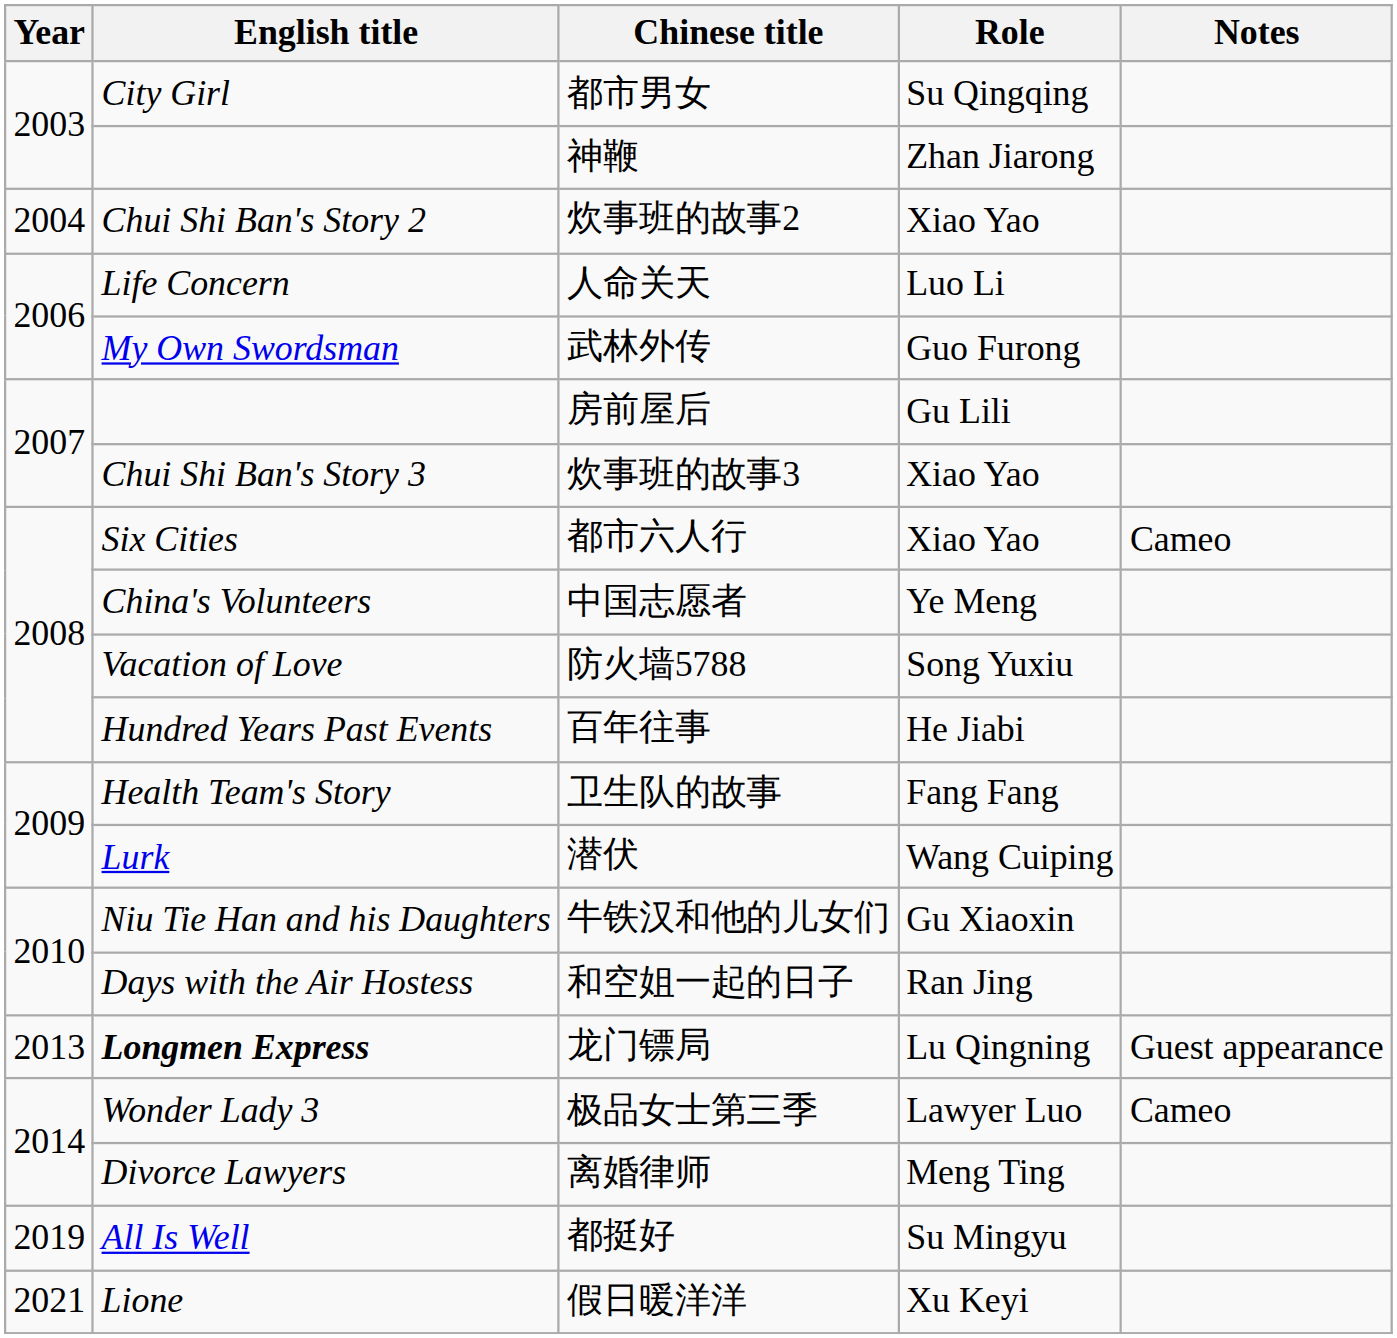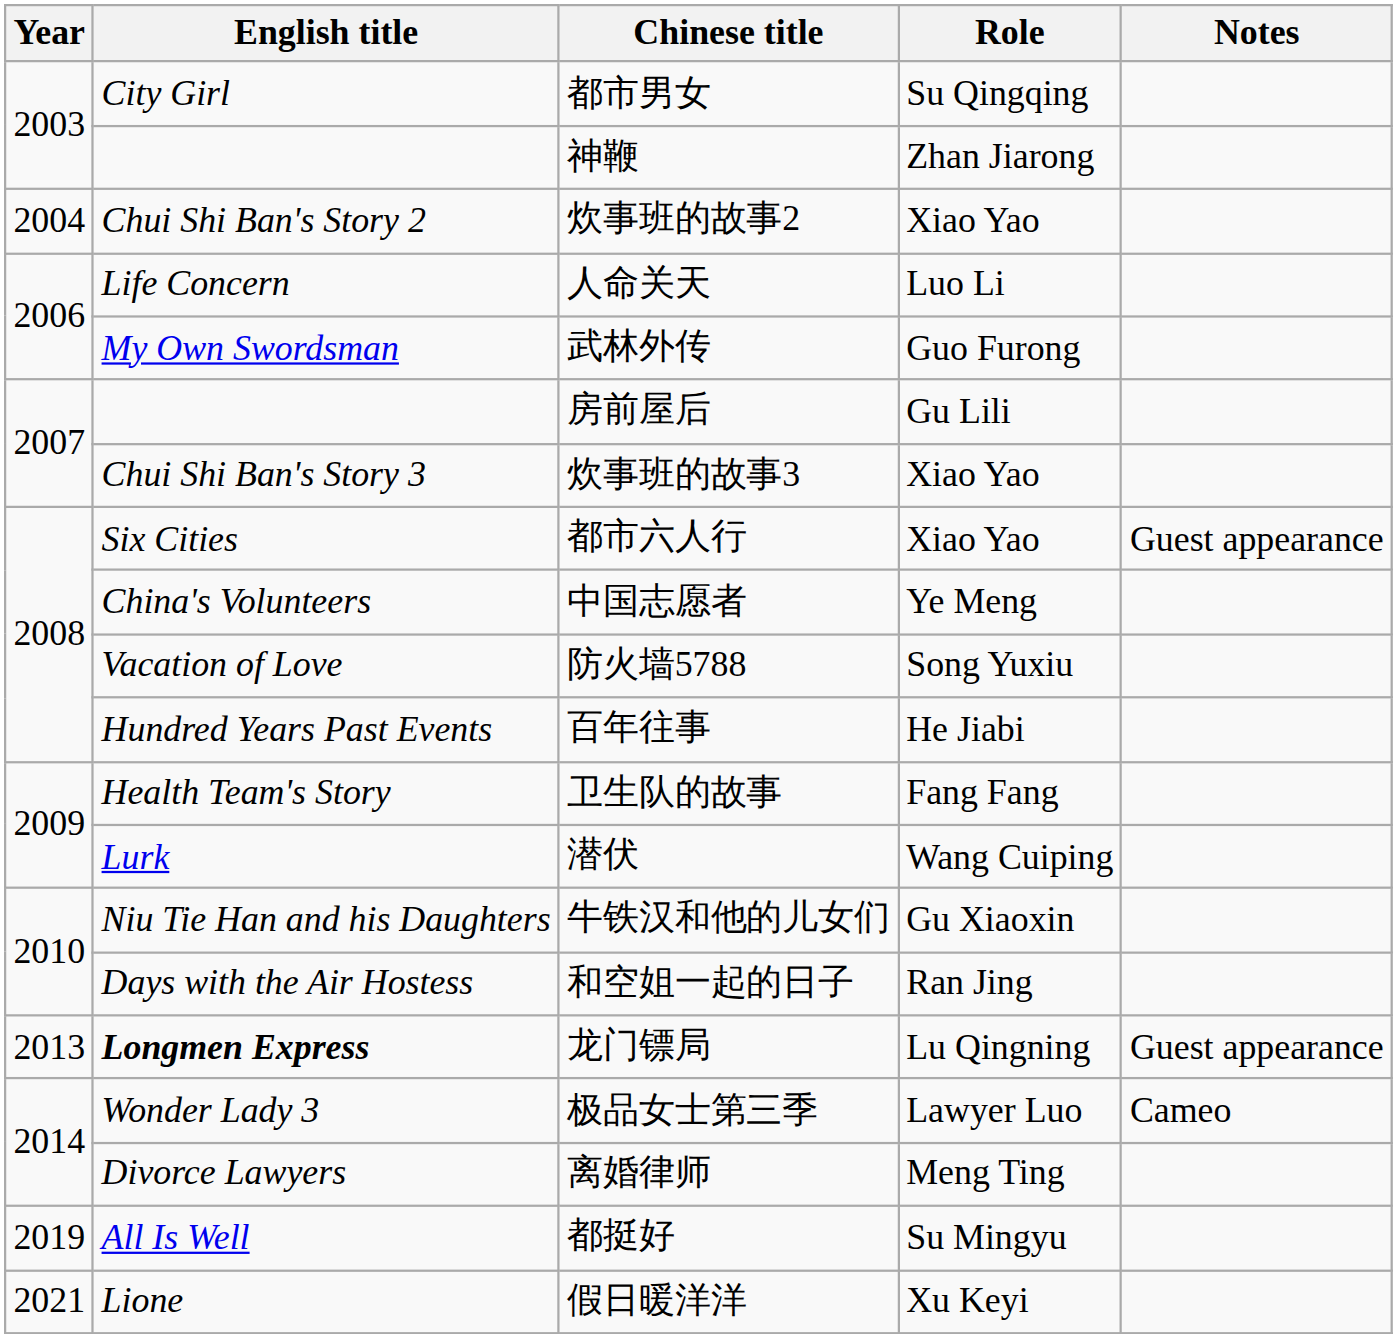 <table class="wikitable sortable">
 <tr>
 <th>Year</th>
 <th>English title</th>
 <th>Chinese title</th>
 <th>Role</th>
 <th>Notes</th>
 </tr>
 <tr>
 <td rowspan=2>2003</td>
 <td><em>City Girl</em></td>
 <td>都市男女</td>
 <td>Su Qingqing</td>
 <td></td>
 </tr>
 <tr>
 <td></td>
 <td>神鞭</td>
 <td>Zhan Jiarong</td>
 <td></td>
 </tr>
 <tr>
 <td>2004</td>
 <td><em>Chui Shi Ban's Story 2</em></td>
 <td>炊事班的故事2</td>
 <td>Xiao Yao</td>
 <td></td>
 </tr>
 <tr>
 <td rowspan=2>2006</td>
 <td><em>Life Concern</em></td>
 <td>人命关天</td>
 <td>Luo Li</td>
 <td></td>
 </tr>
 <tr>
 <td><em><a href='#'>My Own Swordsman</a></em></td>
 <td>武林外传</td>
 <td>Guo Furong</td>
 <td></td>
 </tr>
 <tr>
 <td rowspan=2>2007</td>
 <td></td>
 <td>房前屋后</td>
 <td>Gu Lili</td>
 <td></td>
 </tr>
 <tr>
 <td><em>Chui Shi Ban's Story 3</em></td>
 <td>炊事班的故事3</td>
 <td>Xiao Yao</td>
 <td></td>
 </tr>
 <tr>
 <td rowspan=4>2008</td>
 <td><em>Six Cities</em></td>
 <td>都市六人行</td>
 <td>Xiao Yao</td>
-<td>Cameo</td>
+<td>Guest appearance</td>
 </tr>
 <tr>
 <td><em>China's Volunteers</em></td>
 <td>中国志愿者</td>
 <td>Ye Meng</td>
 <td></td>
 </tr>
 <tr>
 <td><em>Vacation of Love</em></td>
 <td>防火墙5788</td>
 <td>Song Yuxiu</td>
 <td></td>
 </tr>
 <tr>
 <td><em>Hundred Years Past Events</em></td>
 <td>百年往事</td>
 <td>He Jiabi</td>
 <td></td>
 </tr>
 <tr>
 <td rowspan=2>2009</td>
 <td><em>Health Team's Story</em></td>
 <td>卫生队的故事</td>
 <td>Fang Fang</td>
 <td></td>
 </tr>
 <tr>
 <td><em><a href='#'>Lurk</a></em></td>
 <td>潜伏</td>
 <td>Wang Cuiping</td>
 <td></td>
 </tr>
 <tr>
 <td rowspan=2>2010</td>
 <td><em>Niu Tie Han and his Daughters</em></td>
 <td>牛铁汉和他的儿女们</td>
 <td>Gu Xiaoxin</td>
 <td></td>
 </tr>
 <tr>
 <td><em>Days with the Air Hostess</em></td>
 <td>和空姐一起的日子</td>
 <td>Ran Jing</td>
 <td></td>
 </tr>
 <tr>
 <td>2013</td>
 <td><strong><em>Longmen Express</em></strong></td>
 <td>龙门镖局</td>
 <td>Lu Qingning</td>
 <td>Guest appearance</td>
 </tr>
 <tr>
 <td rowspan=2>2014</td>
 <td><em>Wonder Lady 3</em></td>
 <td>极品女士第三季</td>
 <td>Lawyer Luo</td>
 <td>Cameo</td>
 </tr>
 <tr>
 <td><em>Divorce Lawyers</em></td>
 <td>离婚律师</td>
 <td>Meng Ting</td>
 <td></td>
 </tr>
 <tr>
 <td>2019</td>
 <td><em><a href='#'>All Is Well</a></em></td>
 <td>都挺好</td>
 <td>Su Mingyu</td>
 <td></td>
 </tr>
 <tr>
 <td>2021</td>
 <td><em>Lione</em></td>
 <td>假日暖洋洋</td>
 <td>Xu Keyi</td>
 <td></td>
 </tr>
 <tr>
 </tr>
 </table>
